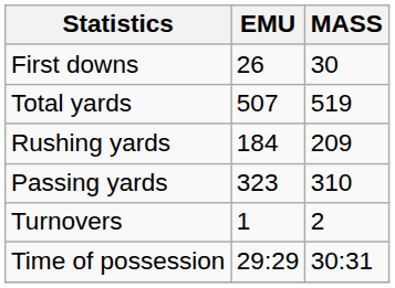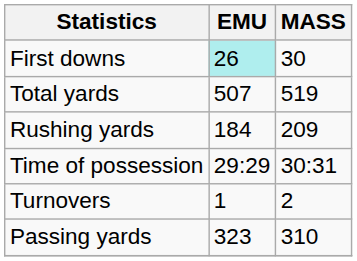 <table class="wikitable">
 <tr>
 <th>Statistics</th>
 <th>EMU</th>
 <th>MASS</th>
 </tr>
 <tr>
 <td>First downs</td>
-<td>26</td>
+<td style="background: paleturquoise;">26</td>
 <td>30</td>
 </tr>
 <tr>
 <td>Total yards</td>
 <td>507</td>
 <td>519</td>
 </tr>
 <tr>
 <td>Rushing yards</td>
 <td>184</td>
 <td>209</td>
 </tr>
 <tr>
-<td>Passing yards</td>
-<td>323</td>
-<td>310</td>
+<td>Time of possession</td>
+<td>29:29</td>
+<td>30:31</td>
 </tr>
 <tr>
 <td>Turnovers</td>
 <td>1</td>
 <td>2</td>
 </tr>
 <tr>
-<td>Time of possession</td>
-<td>29:29</td>
-<td>30:31</td>
+<td>Passing yards</td>
+<td>323</td>
+<td>310</td>
 </tr>
 <tr>
 </tr>
 </table>
